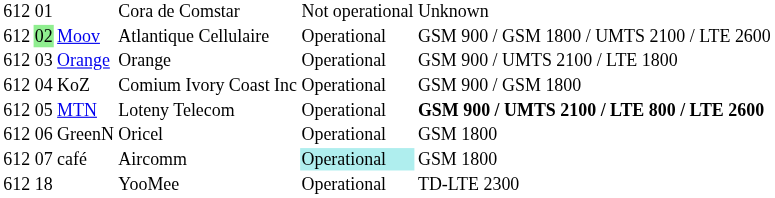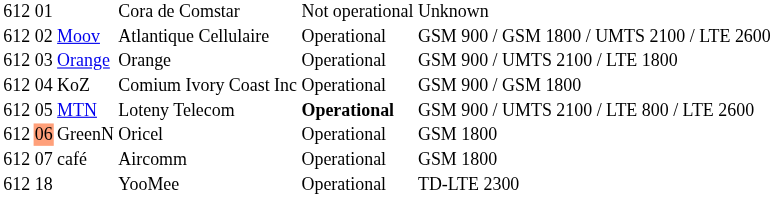 <table>
 <tr>
 <td>612</td>
 <td>01</td>
 <td></td>
 <td>Cora de Comstar</td>
 <td>Not operational</td>
 <td>Unknown</td>
 <td></td>
 </tr>
 <tr>
 <td>612</td>
-<td style="background: lightgreen;">02</td>
+<td>02</td>
 <td><a href='#'>Moov</a></td>
 <td>Atlantique Cellulaire</td>
 <td>Operational</td>
 <td>GSM 900 / GSM 1800 / UMTS 2100 / LTE 2600</td>
 <td></td>
 </tr>
 <tr>
 <td>612</td>
 <td>03</td>
 <td><a href='#'>Orange</a></td>
 <td>Orange</td>
 <td>Operational</td>
 <td>GSM 900 / UMTS 2100 / LTE 1800</td>
 <td></td>
 </tr>
 <tr>
 <td>612</td>
 <td>04</td>
 <td>KoZ</td>
 <td>Comium Ivory Coast Inc</td>
 <td>Operational</td>
 <td>GSM 900 / GSM 1800</td>
 <td></td>
 </tr>
 <tr>
 <td>612</td>
 <td>05</td>
 <td><a href='#'>MTN</a></td>
 <td>Loteny Telecom</td>
-<td>Operational</td>
-<td><strong>GSM 900 / UMTS 2100 / LTE 800 / LTE 2600</strong></td>
+<td><strong>Operational</strong></td>
+<td>GSM 900 / UMTS 2100 / LTE 800 / LTE 2600</td>
 <td></td>
 </tr>
 <tr>
 <td>612</td>
-<td>06</td>
+<td style="background: lightsalmon;">06</td>
 <td>GreenN</td>
 <td>Oricel</td>
 <td>Operational</td>
 <td>GSM 1800</td>
 <td></td>
 </tr>
 <tr>
 <td>612</td>
 <td>07</td>
 <td>café</td>
 <td>Aircomm</td>
-<td style="background: paleturquoise;">Operational</td>
+<td>Operational</td>
 <td>GSM 1800</td>
 <td></td>
 </tr>
 <tr>
 <td>612</td>
 <td>18</td>
 <td></td>
 <td>YooMee</td>
 <td>Operational</td>
 <td>TD-LTE 2300</td>
 <td></td>
 </tr>
 </table>
